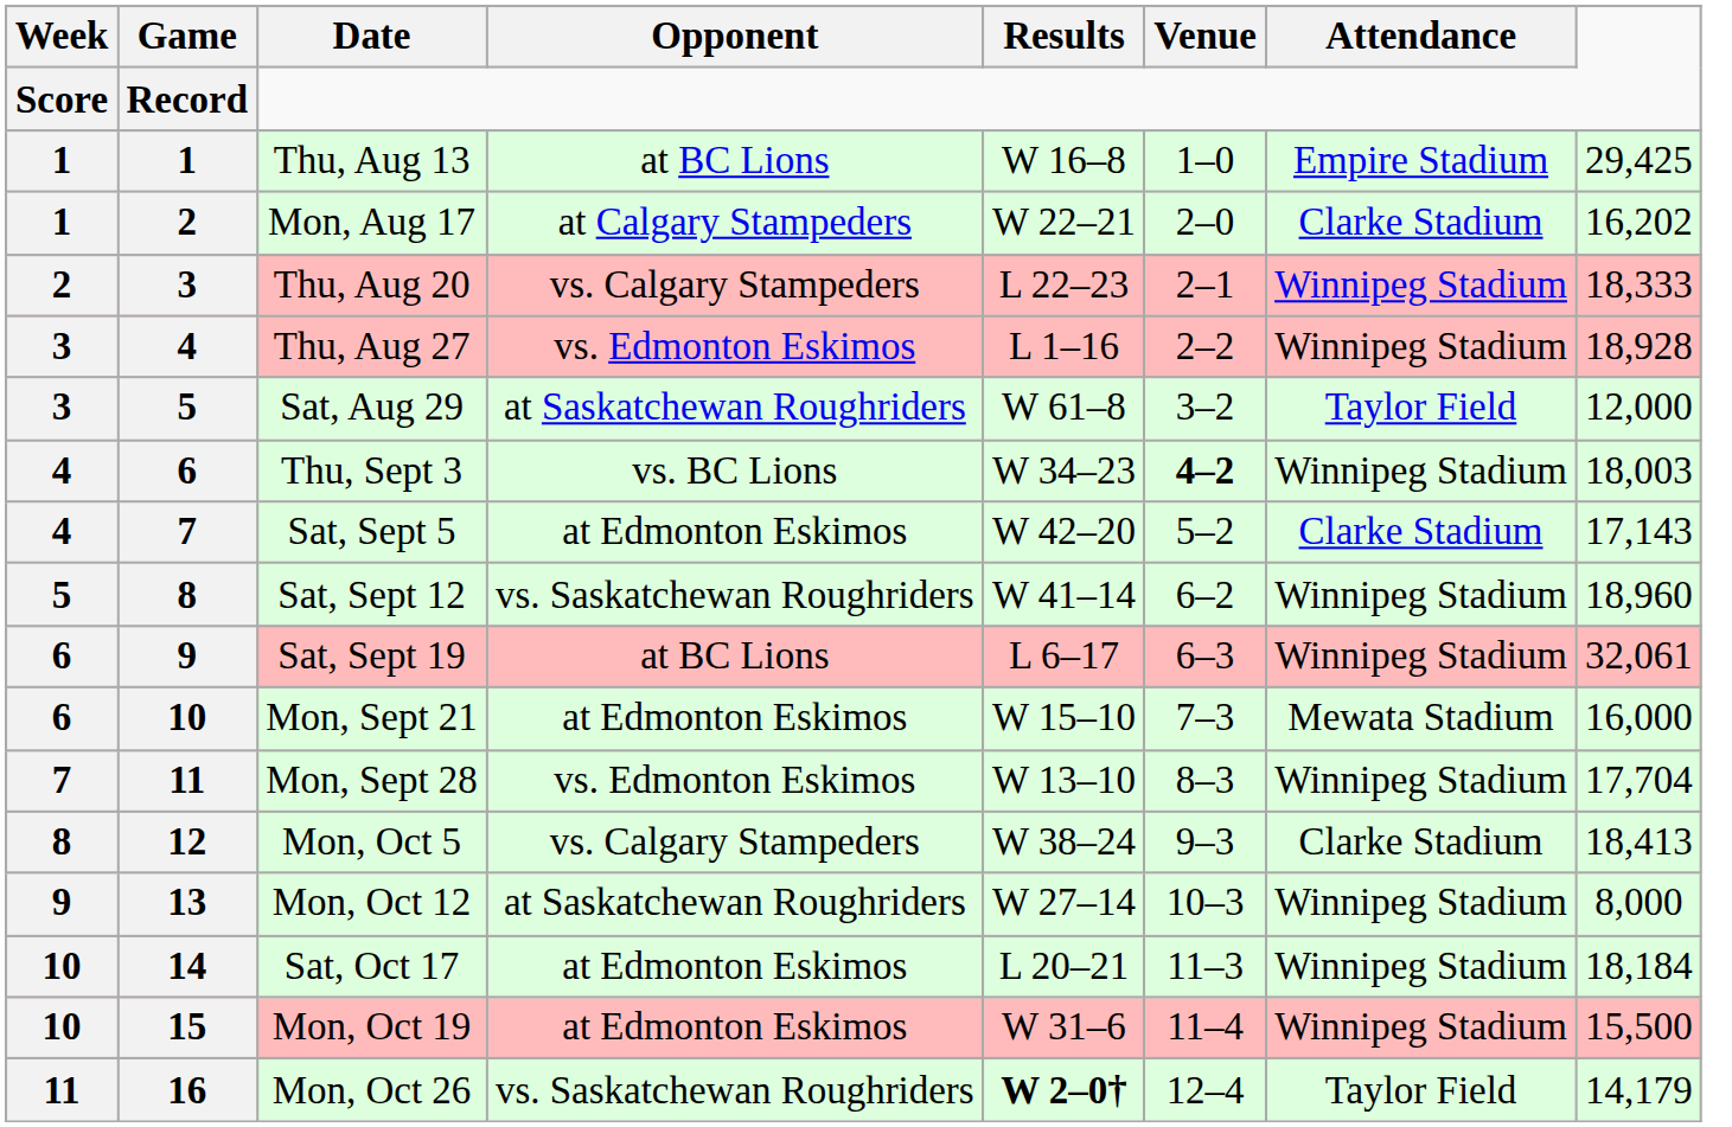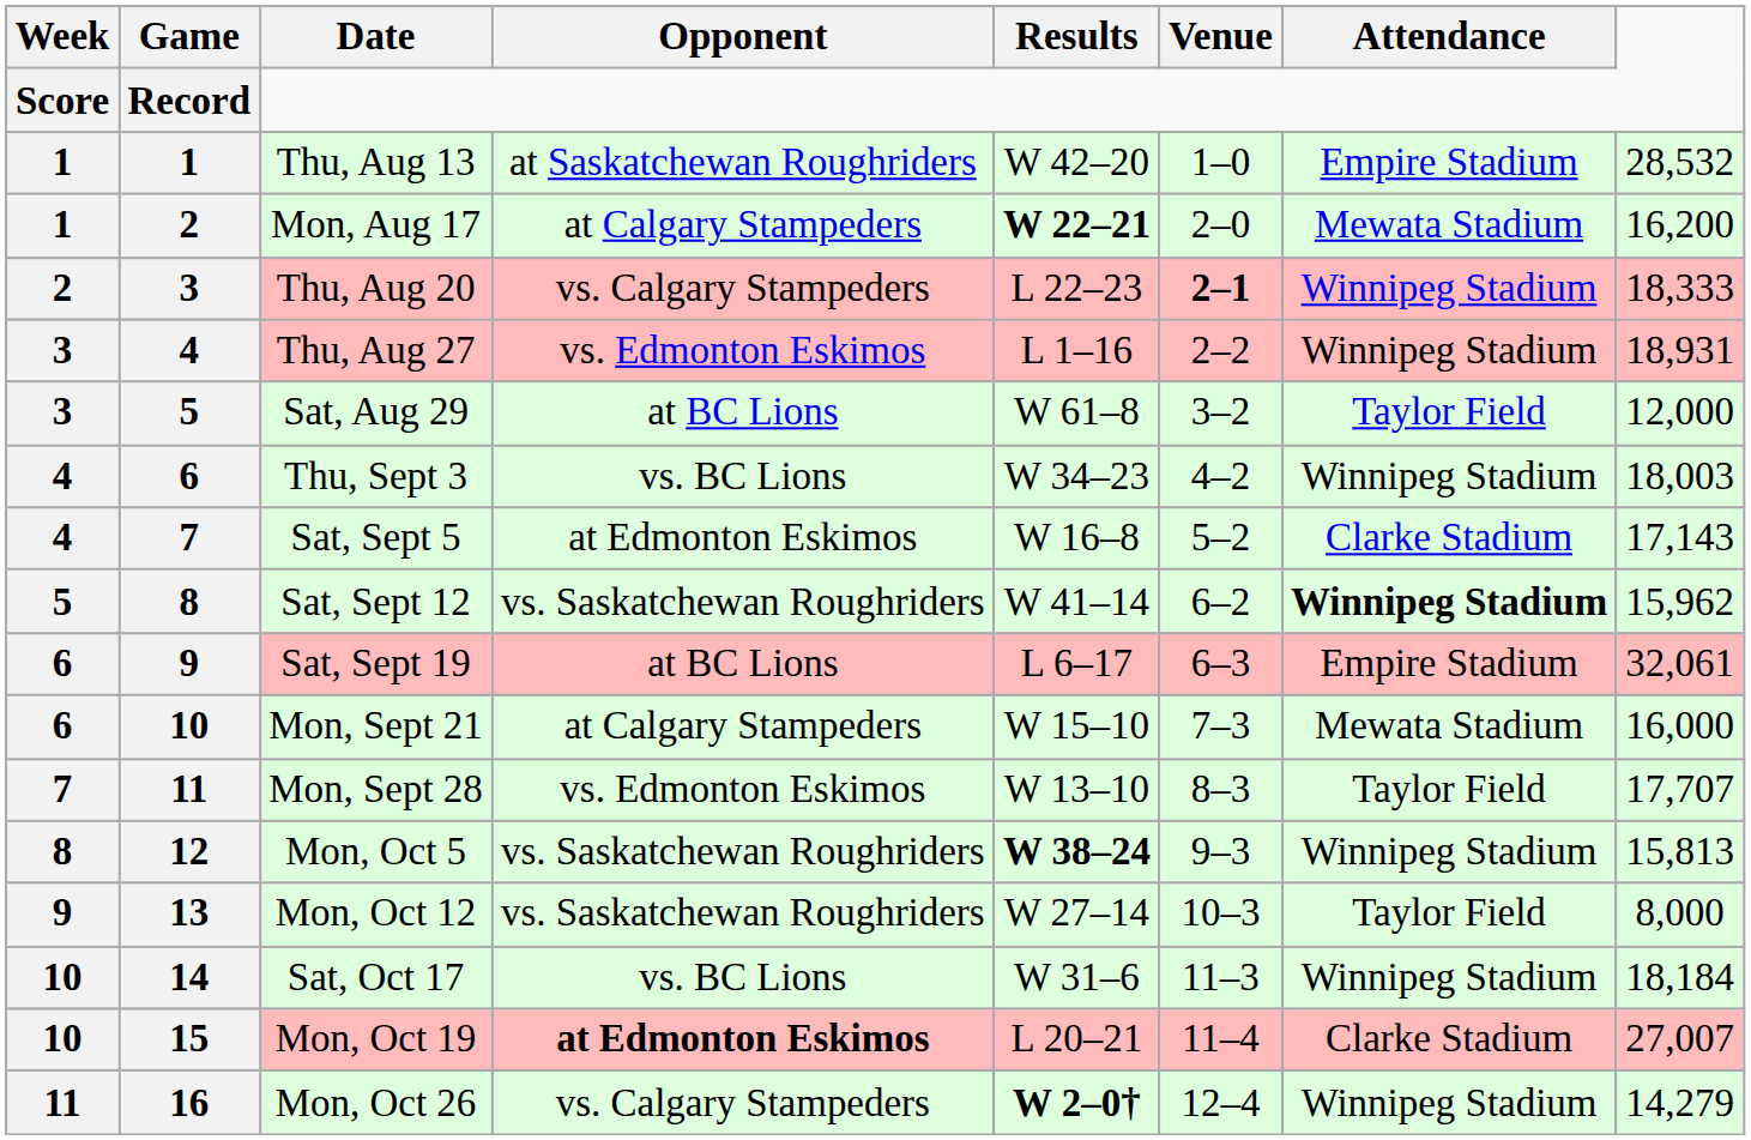 <table class="wikitable" style="text-align:center">
 <tr>
 <th>Week</th>
 <th>Game</th>
 <th>Date</th>
 <th>Opponent</th>
 <th>Results</th>
 <th>Venue</th>
 <th>Attendance</th>
 </tr>
 <tr>
 <th>Score</th>
 <th>Record</th>
 </tr>
 <tr style="background:#ddffdd">
 <th>1</th>
 <th>1</th>
 <td>Thu, Aug 13</td>
-<td>at <a href='#'>BC Lions</a></td>
-<td>W 16–8</td>
+<td>at <a href='#'>Saskatchewan Roughriders</a></td>
+<td>W 42–20</td>
 <td>1–0</td>
 <td><a href='#'>Empire Stadium</a></td>
-<td>29,425</td>
+<td>28,532</td>
 </tr>
 <tr style="background:#ddffdd">
 <th>1</th>
 <th>2</th>
 <td>Mon, Aug 17</td>
 <td>at <a href='#'>Calgary Stampeders</a></td>
-<td>W 22–21</td>
+<td><strong>W 22–21</strong></td>
 <td>2–0</td>
-<td><a href='#'>Clarke Stadium</a></td>
-<td>16,202</td>
+<td><a href='#'>Mewata Stadium</a></td>
+<td>16,200</td>
 </tr>
 <tr style="background:#ffbbbb">
 <th>2</th>
 <th>3</th>
 <td>Thu, Aug 20</td>
 <td>vs. Calgary Stampeders</td>
 <td>L 22–23</td>
-<td>2–1</td>
+<td><strong>2–1</strong></td>
 <td><a href='#'>Winnipeg Stadium</a></td>
 <td>18,333</td>
 </tr>
 <tr style="background:#ffbbbb">
 <th>3</th>
 <th>4</th>
 <td>Thu, Aug 27</td>
 <td>vs. <a href='#'>Edmonton Eskimos</a></td>
 <td>L 1–16</td>
 <td>2–2</td>
 <td>Winnipeg Stadium</td>
-<td>18,928</td>
+<td>18,931</td>
 </tr>
 <tr style="background:#ddffdd">
 <th>3</th>
 <th>5</th>
 <td>Sat, Aug 29</td>
-<td>at <a href='#'>Saskatchewan Roughriders</a></td>
+<td>at <a href='#'>BC Lions</a></td>
 <td>W 61–8</td>
 <td>3–2</td>
 <td><a href='#'>Taylor Field</a></td>
 <td>12,000</td>
 </tr>
 <tr style="background:#ddffdd">
 <th>4</th>
 <th>6</th>
 <td>Thu, Sept 3</td>
 <td>vs. BC Lions</td>
 <td>W 34–23</td>
-<td><strong>4–2</strong></td>
+<td>4–2</td>
 <td>Winnipeg Stadium</td>
 <td>18,003</td>
 </tr>
 <tr style="background:#ddffdd">
 <th>4</th>
 <th>7</th>
 <td>Sat, Sept 5</td>
 <td>at Edmonton Eskimos</td>
-<td>W 42–20</td>
+<td>W 16–8</td>
 <td>5–2</td>
 <td><a href='#'>Clarke Stadium</a></td>
 <td>17,143</td>
 </tr>
 <tr style="background:#ddffdd">
 <th>5</th>
 <th>8</th>
 <td>Sat, Sept 12</td>
 <td>vs. Saskatchewan Roughriders</td>
 <td>W 41–14</td>
 <td>6–2</td>
-<td>Winnipeg Stadium</td>
-<td>18,960</td>
+<td><strong>Winnipeg Stadium</strong></td>
+<td>15,962</td>
 </tr>
 <tr style="background:#ffbbbb">
 <th>6</th>
 <th>9</th>
 <td>Sat, Sept 19</td>
 <td>at BC Lions</td>
 <td>L 6–17</td>
 <td>6–3</td>
-<td>Winnipeg Stadium</td>
+<td>Empire Stadium</td>
 <td>32,061</td>
 </tr>
 <tr style="background:#ddffdd">
 <th>6</th>
 <th>10</th>
 <td>Mon, Sept 21</td>
-<td>at Edmonton Eskimos</td>
+<td>at Calgary Stampeders</td>
 <td>W 15–10</td>
 <td>7–3</td>
 <td>Mewata Stadium</td>
 <td>16,000</td>
 </tr>
 <tr style="background:#ddffdd">
 <th>7</th>
 <th>11</th>
 <td>Mon, Sept 28</td>
 <td>vs. Edmonton Eskimos</td>
 <td>W 13–10</td>
 <td>8–3</td>
-<td>Winnipeg Stadium</td>
-<td>17,704</td>
+<td>Taylor Field</td>
+<td>17,707</td>
 </tr>
 <tr style="background:#ddffdd">
 <th>8</th>
 <th>12</th>
 <td>Mon, Oct 5</td>
-<td>vs. Calgary Stampeders</td>
-<td>W 38–24</td>
+<td>vs. Saskatchewan Roughriders</td>
+<td><strong>W 38–24</strong></td>
 <td>9–3</td>
-<td>Clarke Stadium</td>
-<td>18,413</td>
+<td>Winnipeg Stadium</td>
+<td>15,813</td>
 </tr>
 <tr style="background:#ddffdd">
 <th>9</th>
 <th>13</th>
 <td>Mon, Oct 12</td>
-<td>at Saskatchewan Roughriders</td>
+<td>vs. Saskatchewan Roughriders</td>
 <td>W 27–14</td>
 <td>10–3</td>
-<td>Winnipeg Stadium</td>
+<td>Taylor Field</td>
 <td>8,000</td>
 </tr>
 <tr style="background:#ddffdd">
 <th>10</th>
 <th>14</th>
 <td>Sat, Oct 17</td>
-<td>at Edmonton Eskimos</td>
-<td>L 20–21</td>
+<td>vs. BC Lions</td>
+<td>W 31–6</td>
 <td>11–3</td>
 <td>Winnipeg Stadium</td>
 <td>18,184</td>
 </tr>
 <tr style="background:#ffbbbb">
 <th>10</th>
 <th>15</th>
 <td>Mon, Oct 19</td>
-<td>at Edmonton Eskimos</td>
-<td>W 31–6</td>
+<td><strong>at Edmonton Eskimos</strong></td>
+<td>L 20–21</td>
 <td>11–4</td>
-<td>Winnipeg Stadium</td>
-<td>15,500</td>
+<td>Clarke Stadium</td>
+<td>27,007</td>
 </tr>
 <tr style="background:#ddffdd">
 <th>11</th>
 <th>16</th>
 <td>Mon, Oct 26</td>
-<td>vs. Saskatchewan Roughriders</td>
+<td>vs. Calgary Stampeders</td>
 <td><strong>W 2–0†</strong></td>
 <td>12–4</td>
-<td>Taylor Field</td>
-<td>14,179</td>
+<td>Winnipeg Stadium</td>
+<td>14,279</td>
 </tr>
 </table>
